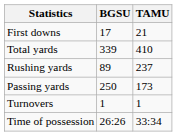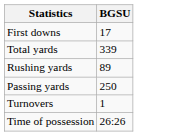 <table class="wikitable" style="float: left;">
 <tr>
 <th>Statistics</th>
 <th>BGSU</th>
-<th>TAMU</th>
 </tr>
 <tr>
 <td>First downs</td>
 <td>17</td>
-<td>21</td>
 </tr>
 <tr>
 <td>Total yards</td>
 <td>339</td>
-<td>410</td>
 </tr>
 <tr>
 <td>Rushing yards</td>
 <td>89</td>
-<td>237</td>
 </tr>
 <tr>
 <td>Passing yards</td>
 <td>250</td>
-<td>173</td>
 </tr>
 <tr>
 <td>Turnovers</td>
-<td>1</td>
 <td>1</td>
 </tr>
 <tr>
 <td>Time of possession</td>
 <td>26:26</td>
-<td>33:34</td>
 </tr>
 </table>
